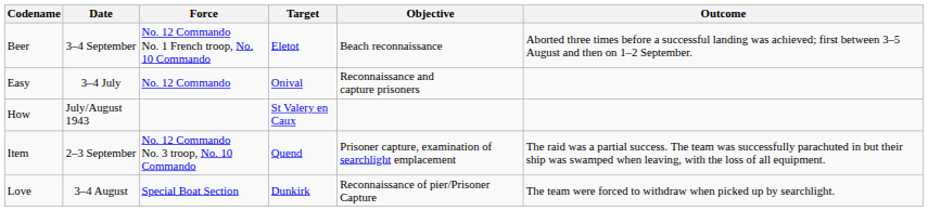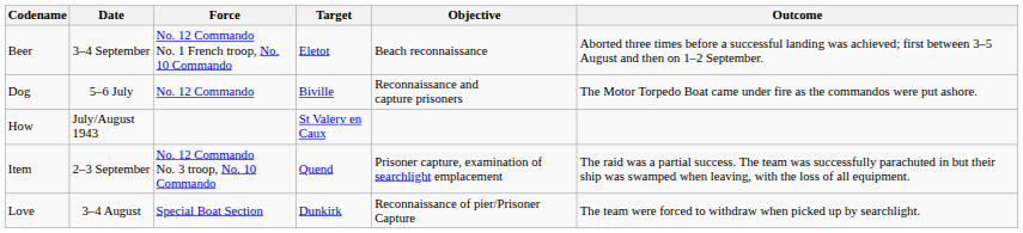 <table class="wikitable" style="width: 100%;">
 <tr>
 <th>Codename</th>
 <th>Date</th>
 <th>Force</th>
 <th>Target</th>
 <th>Objective</th>
 <th>Outcome</th>
 </tr>
 <tr style="valign:top;">
 <td>Beer</td>
 <td style="text-align: center;">3–4 September</td>
 <td><a href='#'>No. 12 Commando</a><br>No. 1 French troop, <a href='#'>No. 10 Commando</a></td>
 <td><a href='#'>Eletot</a></td>
 <td>Beach reconnaissance</td>
 <td>Aborted three times before a successful landing was achieved; first between 3–5 August and then on 1–2 September.</td>
 </tr>
 <tr style="valign:top;">
-<td>Easy</td>
-<td style="text-align: center;">3–4 July</td>
+<td>Dog</td>
+<td style="text-align: center;">5–6 July</td>
 <td><a href='#'>No. 12 Commando</a></td>
-<td><a href='#'>Onival</a></td>
-<td>Reconnaissance and<br> capture prisoners</td>
-<td></td>
+<td><a href='#'>Biville</a></td>
+<td>Reconnaissance and <br>capture prisoners</td>
+<td>The Motor Torpedo Boat came under fire as the commandos were put ashore.</td>
 </tr>
 <tr style="valign:top;">
 <td>How</td>
 <td>July/August 1943</td>
 <td></td>
 <td><a href='#'>St Valery en Caux</a></td>
 <td></td>
 <td></td>
 </tr>
 <tr style="valign:top;">
 <td>Item</td>
 <td style="text-align: center;">2–3 September</td>
 <td><a href='#'>No. 12 Commando</a><br>No. 3 troop, <a href='#'>No. 10 Commando</a></td>
 <td><a href='#'>Quend</a></td>
 <td>Prisoner capture, examination of <a href='#'>searchlight</a> emplacement</td>
 <td>The raid was a partial success. The team was successfully parachuted in but their ship was swamped when leaving, with the loss of all equipment.</td>
 </tr>
 <tr style="valign:top;">
 <td>Love</td>
 <td style="text-align: center;">3–4 August</td>
 <td><a href='#'>Special Boat Section</a></td>
 <td><a href='#'>Dunkirk</a></td>
 <td>Reconnaissance of pier/Prisoner Capture</td>
 <td>The team were forced to withdraw when picked up by searchlight.</td>
 </tr>
 </table>
